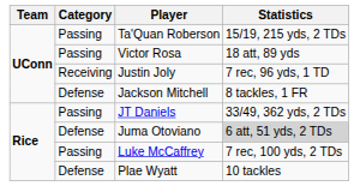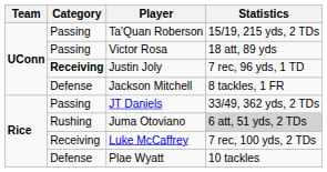 <table class="wikitable" style="float: right;">
 <tr>
 <th>Team</th>
 <th>Category</th>
 <th>Player</th>
 <th>Statistics</th>
 </tr>
 <tr>
 <td rowspan=4><strong>UConn</strong></td>
 <td>Passing</td>
 <td>Ta'Quan Roberson</td>
 <td>15/19, 215 yds, 2 TDs</td>
 </tr>
 <tr>
 <td>Passing</td>
 <td>Victor Rosa</td>
 <td>18 att, 89 yds</td>
 </tr>
 <tr>
-<td>Receiving</td>
+<td><strong>Receiving</strong></td>
 <td>Justin Joly</td>
 <td>7 rec, 96 yds, 1 TD</td>
 </tr>
 <tr>
 <td>Defense</td>
 <td>Jackson Mitchell</td>
 <td>8 tackles, 1 FR</td>
 </tr>
 <tr>
 <td rowspan=4><strong>Rice</strong></td>
 <td>Passing</td>
 <td><a href='#'>JT Daniels</a></td>
 <td>33/49, 362 yds, 2 TDs</td>
 </tr>
 <tr>
-<td>Defense</td>
+<td>Rushing</td>
 <td>Juma Otoviano</td>
 <td style="background: lightgrey;">6 att, 51 yds, 2 TDs</td>
 </tr>
 <tr>
-<td>Passing</td>
+<td>Receiving</td>
 <td><a href='#'>Luke McCaffrey</a></td>
 <td>7 rec, 100 yds, 2 TDs</td>
 </tr>
 <tr>
 <td>Defense</td>
 <td>Plae Wyatt</td>
 <td>10 tackles</td>
 </tr>
 </table>
